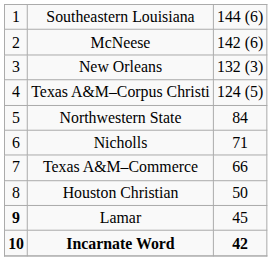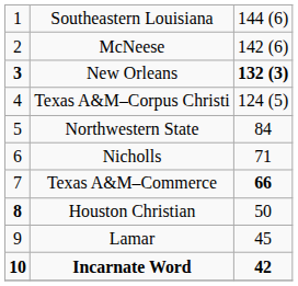 <table class="wikitable">
 <tr align="center">
 <td>1</td>
 <td>Southeastern Louisiana</td>
 <td>144 (6)</td>
 </tr>
 <tr align="center">
 <td>2</td>
 <td>McNeese</td>
 <td>142 (6)</td>
 </tr>
 <tr align="center">
-<td>3</td>
+<td><strong>3</strong></td>
 <td>New Orleans</td>
-<td>132 (3)</td>
+<td><strong>132 (3)</strong></td>
 </tr>
 <tr align="center">
 <td>4</td>
 <td>Texas A&M–Corpus Christi</td>
 <td>124 (5)</td>
 </tr>
 <tr align="center">
 <td>5</td>
 <td>Northwestern State</td>
 <td>84</td>
 </tr>
 <tr align="center">
 <td>6</td>
 <td>Nicholls</td>
 <td>71</td>
 </tr>
 <tr align="center">
 <td>7</td>
 <td>Texas A&M–Commerce</td>
-<td>66</td>
+<td><strong>66</strong></td>
 </tr>
 <tr align="center">
-<td>8</td>
+<td><strong>8</strong></td>
 <td>Houston Christian</td>
 <td>50</td>
 </tr>
 <tr align="center">
-<td><strong>9</strong></td>
+<td>9</td>
 <td>Lamar</td>
 <td>45</td>
 </tr>
 <tr align="center">
 <td><strong>10</strong></td>
 <td><strong>Incarnate Word</strong></td>
 <td><strong>42</strong></td>
 </tr>
 <tr align="center">
 </tr>
 </table>
